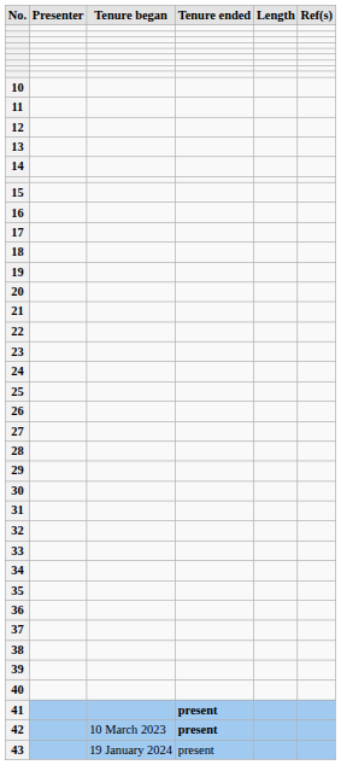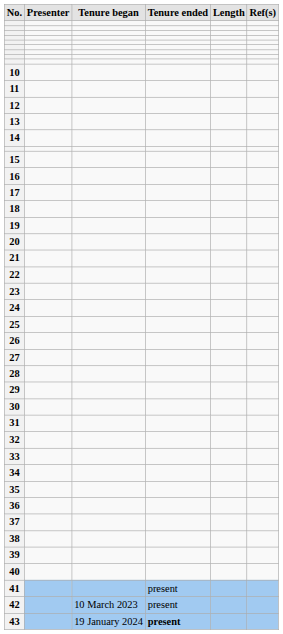 <table class="wikitable sortable" style="margin: 1em 1em 1em 0; background: #f9f9f9; border: 1px #aaa solid; border-collapse: collapse">
 <tr>
 <th style="background-color: #e3e3e3;" scope="col">No.</th>
 <th style="background-color: #e3e3e3;" scope="col">Presenter</th>
 <th style="background-color: #e3e3e3;" scope="col">Tenure began</th>
 <th style="background-color: #e3e3e3;" scope="col">Tenure ended</th>
 <th style="background-color: #e3e3e3;" scope="col">Length</th>
 <th style="background-color: #e3e3e3;" class="unsortable" scope="col">Ref(s)</th>
 </tr>
 <tr>
 <th scope="row"></th>
 <td></td>
 <td></td>
 <td></td>
 <td></td>
 <td style="text-align:center"></td>
 </tr>
 <tr>
 <th scope="row"></th>
 <td></td>
 <td></td>
 <td></td>
 <td></td>
 <td style="text-align:center"></td>
 </tr>
 <tr>
 <th scope="row"></th>
 <td></td>
 <td></td>
 <td></td>
 <td></td>
 <td style="text-align:center"></td>
 </tr>
 <tr>
 <th scope="row"></th>
 <td></td>
 <td></td>
 <td></td>
 <td></td>
 <td style="text-align:center"></td>
 </tr>
 <tr>
 <th scope="row"></th>
 <td></td>
 <td></td>
 <td></td>
 <td></td>
 <td style="text-align:center"></td>
 </tr>
 <tr>
 <th scope="row"></th>
 <td></td>
 <td></td>
 <td></td>
 <td></td>
 <td style="text-align:center"></td>
 </tr>
 <tr>
 <th scope="row"></th>
 <td></td>
 <td></td>
 <td></td>
 <td></td>
 <td style="text-align:center"></td>
 </tr>
 <tr>
 <th scope="row"></th>
 <td></td>
 <td></td>
 <td></td>
 <td></td>
 <td style="text-align:center"></td>
 </tr>
 <tr>
 <th scope="row"></th>
 <td></td>
 <td></td>
 <td></td>
 <td></td>
 <td style="text-align:center"></td>
 </tr>
 <tr>
 <th scope="row">10</th>
 <td></td>
 <td></td>
 <td></td>
 <td></td>
 <td style="text-align:center"></td>
 </tr>
 <tr>
 <th scope="row">11</th>
 <td></td>
 <td></td>
 <td></td>
 <td></td>
 <td style="text-align:center"></td>
 </tr>
 <tr>
 <th scope="row">12</th>
 <td></td>
 <td></td>
 <td></td>
 <td></td>
 <td style="text-align:center"></td>
 </tr>
 <tr>
 <th scope="row">13</th>
 <td></td>
 <td></td>
 <td></td>
 <td></td>
 <td style="text-align:center"></td>
 </tr>
 <tr>
 <th scope="row">14</th>
 <td></td>
 <td></td>
 <td></td>
 <td></td>
 <td style="text-align:center"></td>
 </tr>
 <tr>
 <th scope="row"></th>
 <td></td>
 <td></td>
 <td></td>
 <td></td>
 <td style="text-align:center"></td>
 </tr>
 <tr>
 <th scope="row">15</th>
 <td></td>
 <td></td>
 <td></td>
 <td></td>
 <td style="text-align:center"></td>
 </tr>
 <tr>
 <th scope="row">16</th>
 <td></td>
 <td></td>
 <td></td>
 <td></td>
 <td style="text-align:center"></td>
 </tr>
 <tr>
 <th scope="row">17</th>
 <td></td>
 <td></td>
 <td></td>
 <td></td>
 <td style="text-align:center"></td>
 </tr>
 <tr>
 <th scope="row">18</th>
 <td></td>
 <td></td>
 <td></td>
 <td></td>
 <td style="text-align:center"></td>
 </tr>
 <tr>
 <th scope="row">19</th>
 <td></td>
 <td></td>
 <td></td>
 <td></td>
 <td style="text-align:center"></td>
 </tr>
 <tr>
 <th scope="row">20</th>
 <td></td>
 <td></td>
 <td></td>
 <td></td>
 <td style="text-align:center"></td>
 </tr>
 <tr>
 <th scope="row">21</th>
 <td></td>
 <td></td>
 <td></td>
 <td></td>
 <td style="text-align:center"></td>
 </tr>
 <tr>
 <th scope="row">22</th>
 <td></td>
 <td></td>
 <td></td>
 <td></td>
 <td style="text-align:center"></td>
 </tr>
 <tr>
 <th scope="row">23</th>
 <td></td>
 <td></td>
 <td></td>
 <td></td>
 <td style="text-align:center"></td>
 </tr>
 <tr>
 <th scope="row">24</th>
 <td></td>
 <td></td>
 <td></td>
 <td></td>
 <td style="text-align:center"></td>
 </tr>
 <tr>
 <th scope="row">25</th>
 <td></td>
 <td></td>
 <td></td>
 <td></td>
 <td style="text-align:center"></td>
 </tr>
 <tr>
 <th scope="row">26</th>
 <td></td>
 <td></td>
 <td></td>
 <td></td>
 <td style="text-align:center"></td>
 </tr>
 <tr>
 <th scope="row">27</th>
 <td></td>
 <td></td>
 <td></td>
 <td></td>
 <td style="text-align:center"></td>
 </tr>
 <tr>
 <th scope="row">28</th>
 <td></td>
 <td></td>
 <td></td>
 <td></td>
 <td style="text-align:center"></td>
 </tr>
 <tr>
 <th scope="row">29</th>
 <td></td>
 <td></td>
 <td></td>
 <td></td>
 <td style="text-align:center"></td>
 </tr>
 <tr>
 <th scope="row">30</th>
 <td></td>
 <td></td>
 <td></td>
 <td></td>
 <td style="text-align:center"></td>
 </tr>
 <tr>
 <th scope="row">31</th>
 <td></td>
 <td></td>
 <td></td>
 <td></td>
 <td style="text-align:center"></td>
 </tr>
 <tr>
 <th scope="row">32</th>
 <td></td>
 <td></td>
 <td></td>
 <td></td>
 <td style="text-align:center"></td>
 </tr>
 <tr>
 <th scope="row">33</th>
 <td></td>
 <td></td>
 <td></td>
 <td></td>
 <td style="text-align:center"></td>
 </tr>
 <tr>
 <th scope="row">34</th>
 <td></td>
 <td></td>
 <td></td>
 <td></td>
 <td style="text-align:center"></td>
 </tr>
 <tr>
 <th scope="row">35</th>
 <td></td>
 <td></td>
 <td></td>
 <td></td>
 <td style="text-align:center"></td>
 </tr>
 <tr>
 <th scope="row">36</th>
 <td></td>
 <td></td>
 <td></td>
 <td></td>
 <td style="text-align:center"></td>
 </tr>
 <tr>
 <th scope="row">37</th>
 <td></td>
 <td></td>
 <td></td>
 <td></td>
 <td style="text-align:center"></td>
 </tr>
 <tr>
 <th scope="row">38</th>
 <td></td>
 <td></td>
 <td></td>
 <td></td>
 <td style="text-align:center"></td>
 </tr>
 <tr>
 <th scope="row">39</th>
 <td></td>
 <td></td>
 <td></td>
 <td></td>
 <td style="text-align:center"></td>
 </tr>
 <tr>
 <th scope="row">40</th>
 <td></td>
 <td></td>
 <td></td>
 <td></td>
 <td style="text-align:center"></td>
 </tr>
 <tr>
 <th scope="row">41</th>
 <td style="background:#A1CAF1"></td>
 <td style="background:#A1CAF1"></td>
-<td style="background:#A1CAF1"><strong>present</strong></td>
+<td style="background:#A1CAF1">present</td>
 <td style="background:#A1CAF1"></td>
 <td style="background:#A1CAF1"></td>
 </tr>
 <tr>
 <th>42</th>
 <td style="background:#A1CAF1"></td>
 <td style="background:#A1CAF1">10 March 2023</td>
-<td style="background:#A1CAF1"><strong>present</strong></td>
+<td style="background:#A1CAF1">present</td>
 <td style="background:#A1CAF1"></td>
 <td style="background:#A1CAF1"></td>
 </tr>
 <tr>
 <th>43</th>
 <td style="background:#A1CAF1"></td>
 <td style="background:#A1CAF1">19 January 2024</td>
-<td style="background:#A1CAF1">present</td>
+<td style="background:#A1CAF1"><strong>present</strong></td>
 <td style="background:#A1CAF1"></td>
 <td style="background:#A1CAF1"></td>
 </tr>
 </table>
